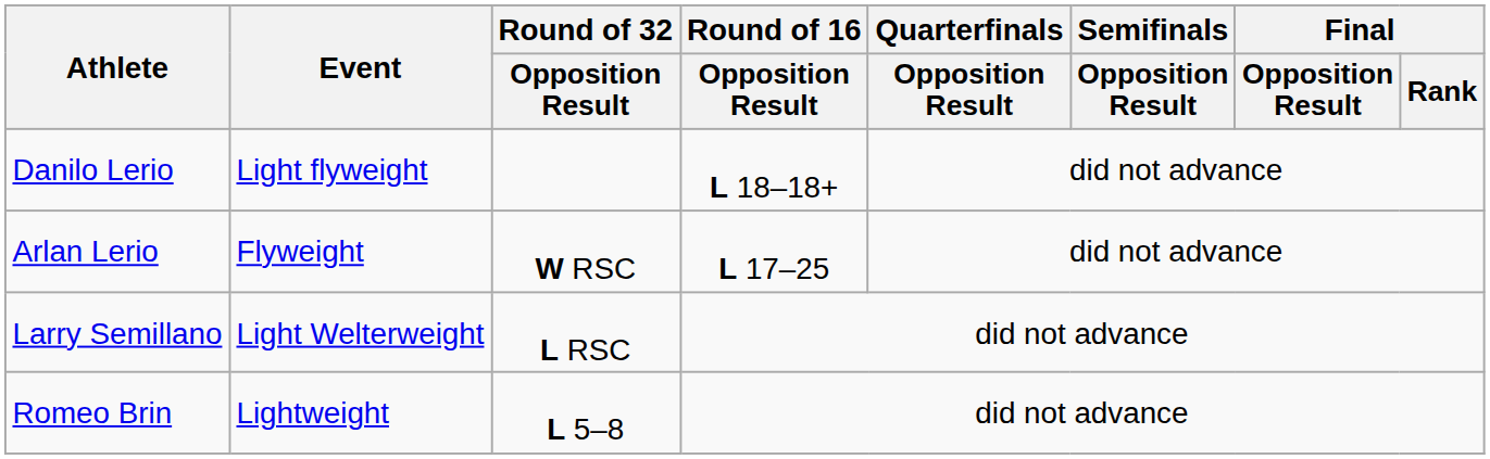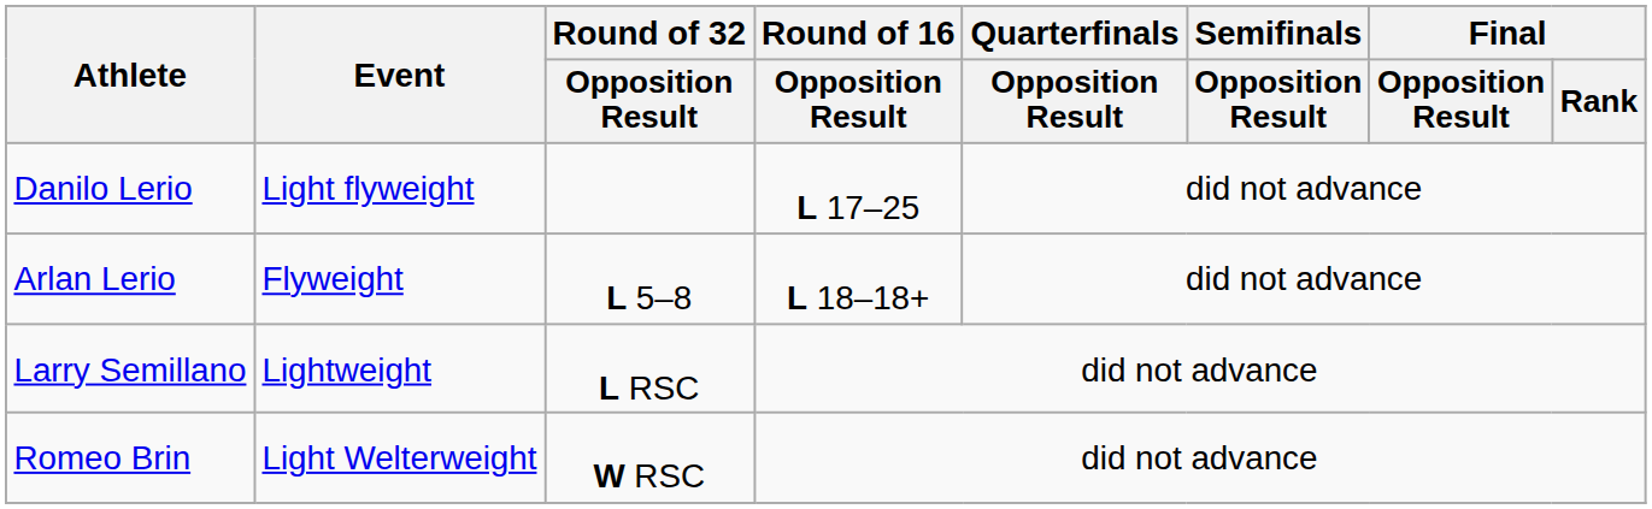 <table class="wikitable" style="font-size:90%;">
 <tr>
 <th rowspan=2>Athlete</th>
 <th rowspan=2>Event</th>
 <th>Round of 32</th>
 <th>Round of 16</th>
 <th>Quarterfinals</th>
 <th>Semifinals</th>
 <th colspan=2>Final</th>
 </tr>
 <tr style="font-size:95%">
 <th>Opposition<br>Result</th>
 <th>Opposition<br>Result</th>
 <th>Opposition<br>Result</th>
 <th>Opposition<br>Result</th>
 <th>Opposition<br>Result</th>
 <th>Rank</th>
 </tr>
 <tr align=center>
 <td align=left><a href='#'>Danilo Lerio</a></td>
 <td align=left><a href='#'>Light flyweight</a></td>
 <td></td>
-<td><br><strong>L</strong> 18–18+</td>
+<td><br><strong>L</strong> 17–25</td>
 <td colspan=4>did not advance</td>
 </tr>
 <tr align=center>
 <td align=left><a href='#'>Arlan Lerio</a></td>
 <td align=left><a href='#'>Flyweight</a></td>
-<td><br><strong>W</strong> RSC</td>
-<td><br><strong>L</strong> 17–25</td>
+<td><br><strong>L</strong> 5–8</td>
+<td><br><strong>L</strong> 18–18+</td>
 <td colspan=4>did not advance</td>
 </tr>
 <tr align=center>
 <td align=left><a href='#'>Larry Semillano</a></td>
-<td align=left><a href='#'>Light Welterweight</a></td>
+<td align=left><a href='#'>Lightweight</a></td>
 <td><br><strong>L</strong> RSC</td>
 <td colspan=5>did not advance</td>
 </tr>
 <tr align=center>
 <td align=left><a href='#'>Romeo Brin</a></td>
-<td align=left><a href='#'>Lightweight</a></td>
-<td><br><strong>L</strong> 5–8</td>
+<td align=left><a href='#'>Light Welterweight</a></td>
+<td><br><strong>W</strong> RSC</td>
 <td colspan=5>did not advance</td>
 </tr>
 </table>
